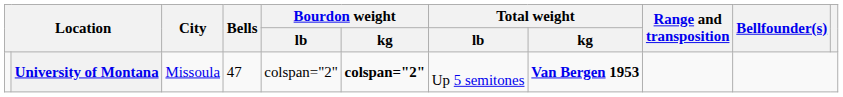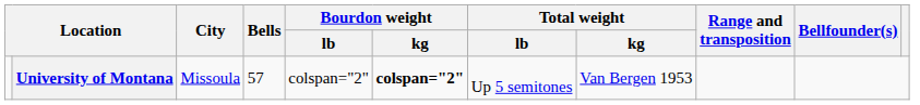 <table class="wikitable plainrowheaders">
 <tr>
 <th scope="col" colspan="2" rowspan="2" class="unsortable">Location</th>
 <th scope="col" rowspan="2">City</th>
 <th scope="col" rowspan="2">Bells</th>
 <th scope="col" colspan="2"><a href='#'>Bourdon</a> weight</th>
 <th scope="col" colspan="2">Total weight</th>
 <th scope="col" rowspan="2" class="unsortable"><a href='#'>Range</a> and<br><a href='#'>transposition</a></th>
 <th scope="col" rowspan="2" class="unsortable"><a href='#'>Bellfounder(s)</a></th>
 <th scope="col" rowspan="2" class="unsortable"></th>
 </tr>
 <tr>
 <th scope="col">lb</th>
 <th scope="col">kg</th>
 <th scope="col">lb</th>
 <th scope="col">kg</th>
 </tr>
 <tr>
 <td></td>
 <th scope="row"><a href='#'>University of Montana</a></th>
 <td><a href='#'>Missoula</a></td>
-<td>47</td>
+<td>57</td>
 <td>colspan="2" </td>
 <td><strong>colspan="2" </strong></td>
 <td style="text-align: center"><br>Up <a href='#'>5 semitones</a></td>
-<td><strong><a href='#'>Van Bergen</a> 1953</strong></td>
+<td><a href='#'>Van Bergen</a> 1953</td>
 <td></td>
 </tr>
 </table>
